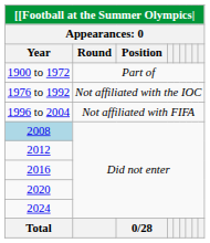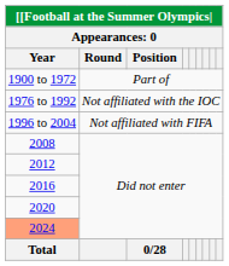 <table class="wikitable" style="text-align: center;font-size:90%;">
 <tr>
 <th colspan=9 style="background:#009639; color:white; ">[[Football at the Summer Olympics|</th>
 </tr>
 <tr>
 <th colspan=9>Appearances: 0</th>
 </tr>
 <tr>
 <th>Year</th>
 <th>Round</th>
 <th>Position</th>
 <th></th>
 <th></th>
 <th></th>
 <th></th>
 <th></th>
 <th></th>
 </tr>
 <tr>
 <td> <a href='#'>1900</a> to  <a href='#'>1972</a></td>
 <td colspan=8><em>Part of </em></td>
 </tr>
 <tr>
 <td> <a href='#'>1976</a> to  <a href='#'>1992</a></td>
 <td colspan=8><em>Not affiliated with the IOC</em></td>
 </tr>
 <tr>
 <td> <a href='#'>1996</a> to  <a href='#'>2004</a></td>
 <td colspan=8><em>Not affiliated with FIFA</em></td>
 </tr>
 <tr>
-<td style="background: lightblue;"> <a href='#'>2008</a></td>
+<td> <a href='#'>2008</a></td>
 <td colspan=8 rowspan=5><em>Did not enter</em></td>
 </tr>
 <tr>
 <td> <a href='#'>2012</a></td>
 </tr>
 <tr>
 <td> <a href='#'>2016</a></td>
 </tr>
 <tr>
 <td> <a href='#'>2020</a></td>
 </tr>
 <tr>
-<td> <a href='#'>2024</a></td>
+<td style="background: lightsalmon;"> <a href='#'>2024</a></td>
 </tr>
 <tr>
 <th>Total</th>
 <th></th>
 <th>0/28</th>
 <th></th>
 <th></th>
 <th></th>
 <th></th>
 <th></th>
 <th></th>
 </tr>
 </table>
